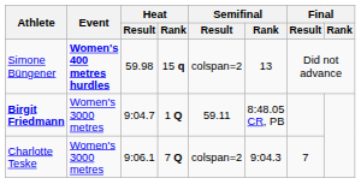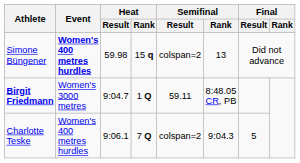 <table class="wikitable" style="font-size:90%; width:40%">
 <tr>
 <th rowspan="2">Athlete</th>
 <th rowspan="2">Event</th>
 <th colspan="2">Heat</th>
 <th colspan="2">Semifinal</th>
 <th colspan="2">Final</th>
 </tr>
 <tr style="font-size:95%">
 <th>Result</th>
 <th>Rank</th>
 <th>Result</th>
 <th>Rank</th>
 <th>Result</th>
 <th>Rank</th>
 </tr>
 <tr align=center>
 <td align=left><a href='#'>Simone Büngener</a></td>
 <td align=left><strong><a href='#'>Women's 400 metres hurdles</a></strong></td>
 <td>59.98</td>
 <td>15 <strong>q</strong></td>
 <td>colspan=2 </td>
 <td>13</td>
 <td colspan=2>Did not advance</td>
 </tr>
 <tr align=center>
 <td align=left><strong><a href='#'>Birgit Friedmann</a></strong></td>
 <td align=left><a href='#'>Women's 3000 metres</a></td>
 <td>9:04.7</td>
 <td>1 <strong>Q</strong></td>
 <td>59.11</td>
 <td>8:48.05 <a href='#'>CR</a>, PB</td>
 <td></td>
 </tr>
 <tr align=center>
 <td align=left><a href='#'>Charlotte Teske</a></td>
-<td align=left><a href='#'>Women's 3000 metres</a></td>
+<td align=left><a href='#'>Women's 400 metres hurdles</a></td>
 <td>9:06.1</td>
 <td>7 <strong>Q</strong></td>
 <td>colspan=2 </td>
 <td>9:04.3</td>
-<td>7</td>
+<td>5</td>
 </tr>
 </table>
